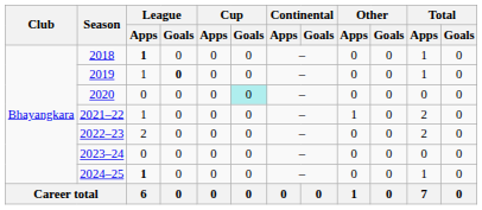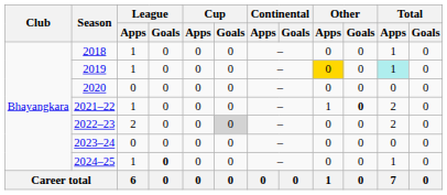 <table class="wikitable" style="text-align: center">
 <tr>
 <th rowspan="2">Club</th>
 <th rowspan="2">Season</th>
 <th colspan="2">League</th>
 <th colspan="2">Cup</th>
 <th colspan="2">Continental</th>
 <th colspan="2">Other</th>
 <th colspan="2">Total</th>
 </tr>
 <tr>
 <th>Apps</th>
 <th>Goals</th>
 <th>Apps</th>
 <th>Goals</th>
 <th>Apps</th>
 <th>Goals</th>
 <th>Apps</th>
 <th>Goals</th>
 <th>Apps</th>
 <th>Goals</th>
 </tr>
 <tr>
 <td rowspan="7"><a href='#'>Bhayangkara</a></td>
 <td><a href='#'>2018</a></td>
-<td><strong>1</strong></td>
+<td>1</td>
 <td>0</td>
 <td>0</td>
 <td>0</td>
 <td colspan="2">–</td>
 <td>0</td>
 <td>0</td>
 <td>1</td>
 <td>0</td>
 </tr>
 <tr>
 <td><a href='#'>2019</a></td>
 <td>1</td>
-<td><strong>0</strong></td>
+<td>0</td>
 <td>0</td>
 <td>0</td>
 <td colspan="2">–</td>
+<td style="background: gold;">0</td>
 <td>0</td>
-<td>0</td>
-<td>1</td>
+<td style="background: paleturquoise;">1</td>
 <td>0</td>
 </tr>
 <tr>
 <td><a href='#'>2020</a></td>
 <td>0</td>
 <td>0</td>
 <td>0</td>
-<td style="background: paleturquoise;">0</td>
+<td>0</td>
 <td colspan="2">–</td>
 <td>0</td>
 <td>0</td>
 <td>0</td>
 <td>0</td>
 </tr>
 <tr>
 <td><a href='#'>2021–22</a></td>
 <td>1</td>
 <td>0</td>
 <td>0</td>
 <td>0</td>
 <td colspan="2">–</td>
 <td>1</td>
-<td>0</td>
+<td><strong>0</strong></td>
 <td>2</td>
 <td>0</td>
 </tr>
 <tr>
 <td><a href='#'>2022–23</a></td>
 <td>2</td>
 <td>0</td>
 <td>0</td>
-<td>0</td>
+<td style="background: lightgrey;">0</td>
 <td colspan=2>–</td>
 <td>0</td>
 <td>0</td>
 <td>2</td>
 <td>0</td>
 </tr>
 <tr>
 <td><a href='#'>2023–24</a></td>
 <td>0</td>
 <td>0</td>
 <td>0</td>
 <td>0</td>
 <td colspan=2>–</td>
 <td>0</td>
 <td>0</td>
 <td>0</td>
 <td>0</td>
 </tr>
 <tr>
 <td><a href='#'>2024–25</a></td>
-<td><strong>1</strong></td>
-<td>0</td>
+<td>1</td>
+<td><strong>0</strong></td>
 <td>0</td>
 <td>0</td>
 <td colspan=2>–</td>
 <td>0</td>
 <td>0</td>
 <td>1</td>
 <td>0</td>
 </tr>
 <tr>
 <th colspan=2>Career total</th>
 <th>6</th>
 <th>0</th>
 <th>0</th>
 <th>0</th>
 <th>0</th>
 <th>0</th>
 <th>1</th>
 <th>0</th>
 <th>7</th>
 <th>0</th>
 </tr>
 </table>
